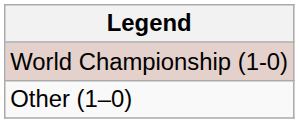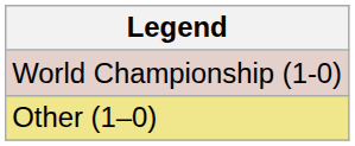 <table class="wikitable">
 <tr>
 <th>Legend</th>
 </tr>
 <tr style="background:#e5d1cb;">
 <td>World Championship (1-0)</td>
 </tr>
 <tr>
-<td>Other (1–0)</td>
+<td style="background: khaki;">Other (1–0)</td>
 </tr>
 </table>
